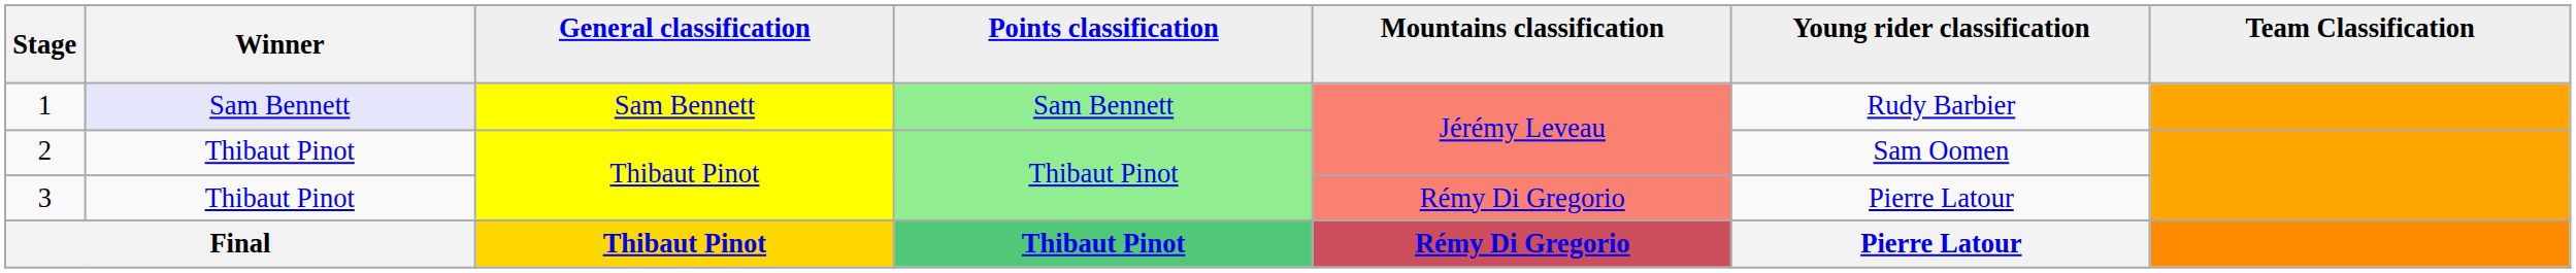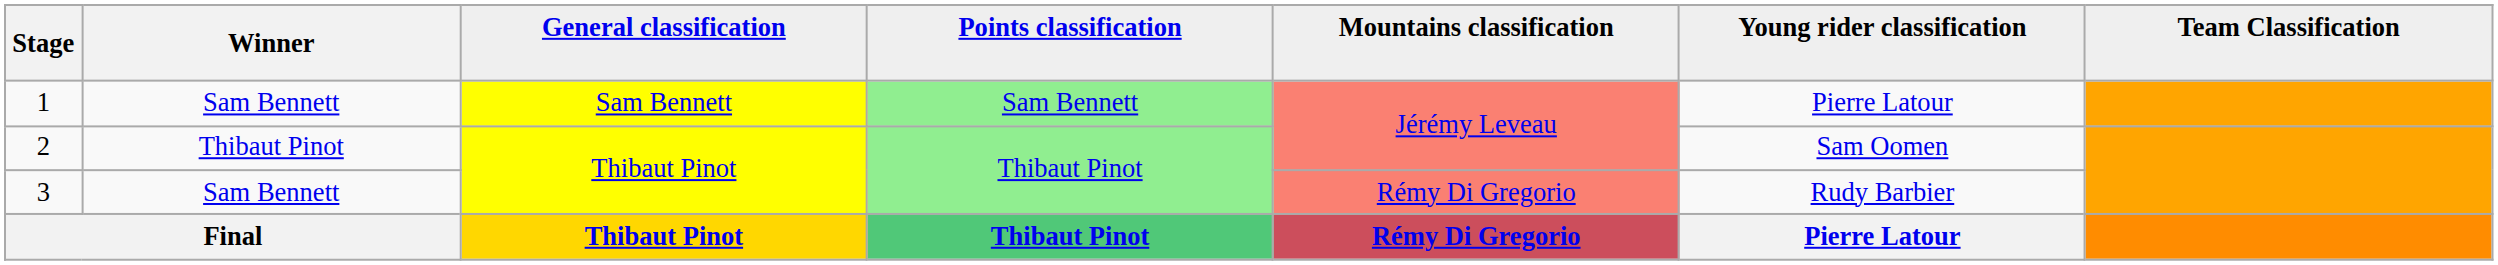 <table class="wikitable" style="text-align: center; font-size:smaller;">
 <tr style="background:#efefef;">
 <th style="width:1%;">Stage</th>
 <th style="width:14%;">Winner</th>
 <th style="background:#efefef; width:15%;"><a href='#'>General classification</a><br><br></th>
 <th style="background:#efefef; width:15%;"><a href='#'>Points classification</a><br><br></th>
 <th style="background:#efefef; width:15%;">Mountains classification<br><br></th>
 <th style="background:#efefef; width:15%;">Young rider classification<br><br></th>
 <th style="background:#efefef; width:15%;">Team Classification<br><br></th>
 </tr>
 <tr>
 <td>1</td>
-<td style="background: lavender;"><a href='#'>Sam Bennett</a></td>
+<td><a href='#'>Sam Bennett</a></td>
 <td style="background:yellow;"><a href='#'>Sam Bennett</a></td>
 <td style="background:lightgreen;"><a href='#'>Sam Bennett</a></td>
 <td rowspan="2" style="background:salmon;"><a href='#'>Jérémy Leveau</a></td>
-<td style="background:offwhite;"><a href='#'>Rudy Barbier</a></td>
+<td style="background:offwhite;"><a href='#'>Pierre Latour</a></td>
 <td style="background:orange;"></td>
 </tr>
 <tr>
 <td>2</td>
 <td><a href='#'>Thibaut Pinot</a></td>
 <td style="background:yellow;" rowspan=2><a href='#'>Thibaut Pinot</a></td>
 <td style="background:lightgreen;" rowspan=2><a href='#'>Thibaut Pinot</a></td>
 <td style="background:offwhite;"><a href='#'>Sam Oomen</a></td>
 <td style="background:orange;" rowspan=2></td>
 </tr>
 <tr>
 <td>3</td>
-<td><a href='#'>Thibaut Pinot</a></td>
+<td><a href='#'>Sam Bennett</a></td>
 <td style="background:salmon;"><a href='#'>Rémy Di Gregorio</a></td>
-<td style="background:offwhite;"><a href='#'>Pierre Latour</a></td>
+<td style="background:offwhite;"><a href='#'>Rudy Barbier</a></td>
 </tr>
 <tr>
 <th colspan=2><strong>Final</strong></th>
 <th style="background:gold;"><a href='#'>Thibaut Pinot</a></th>
 <th style="background:#50C878;"><a href='#'>Thibaut Pinot</a></th>
 <th style="background:#CC4E5C;"><a href='#'>Rémy Di Gregorio</a></th>
 <th style="background:offwhite;"><a href='#'>Pierre Latour</a></th>
 <th style="background:#FF8C00;"></th>
 </tr>
 </table>
